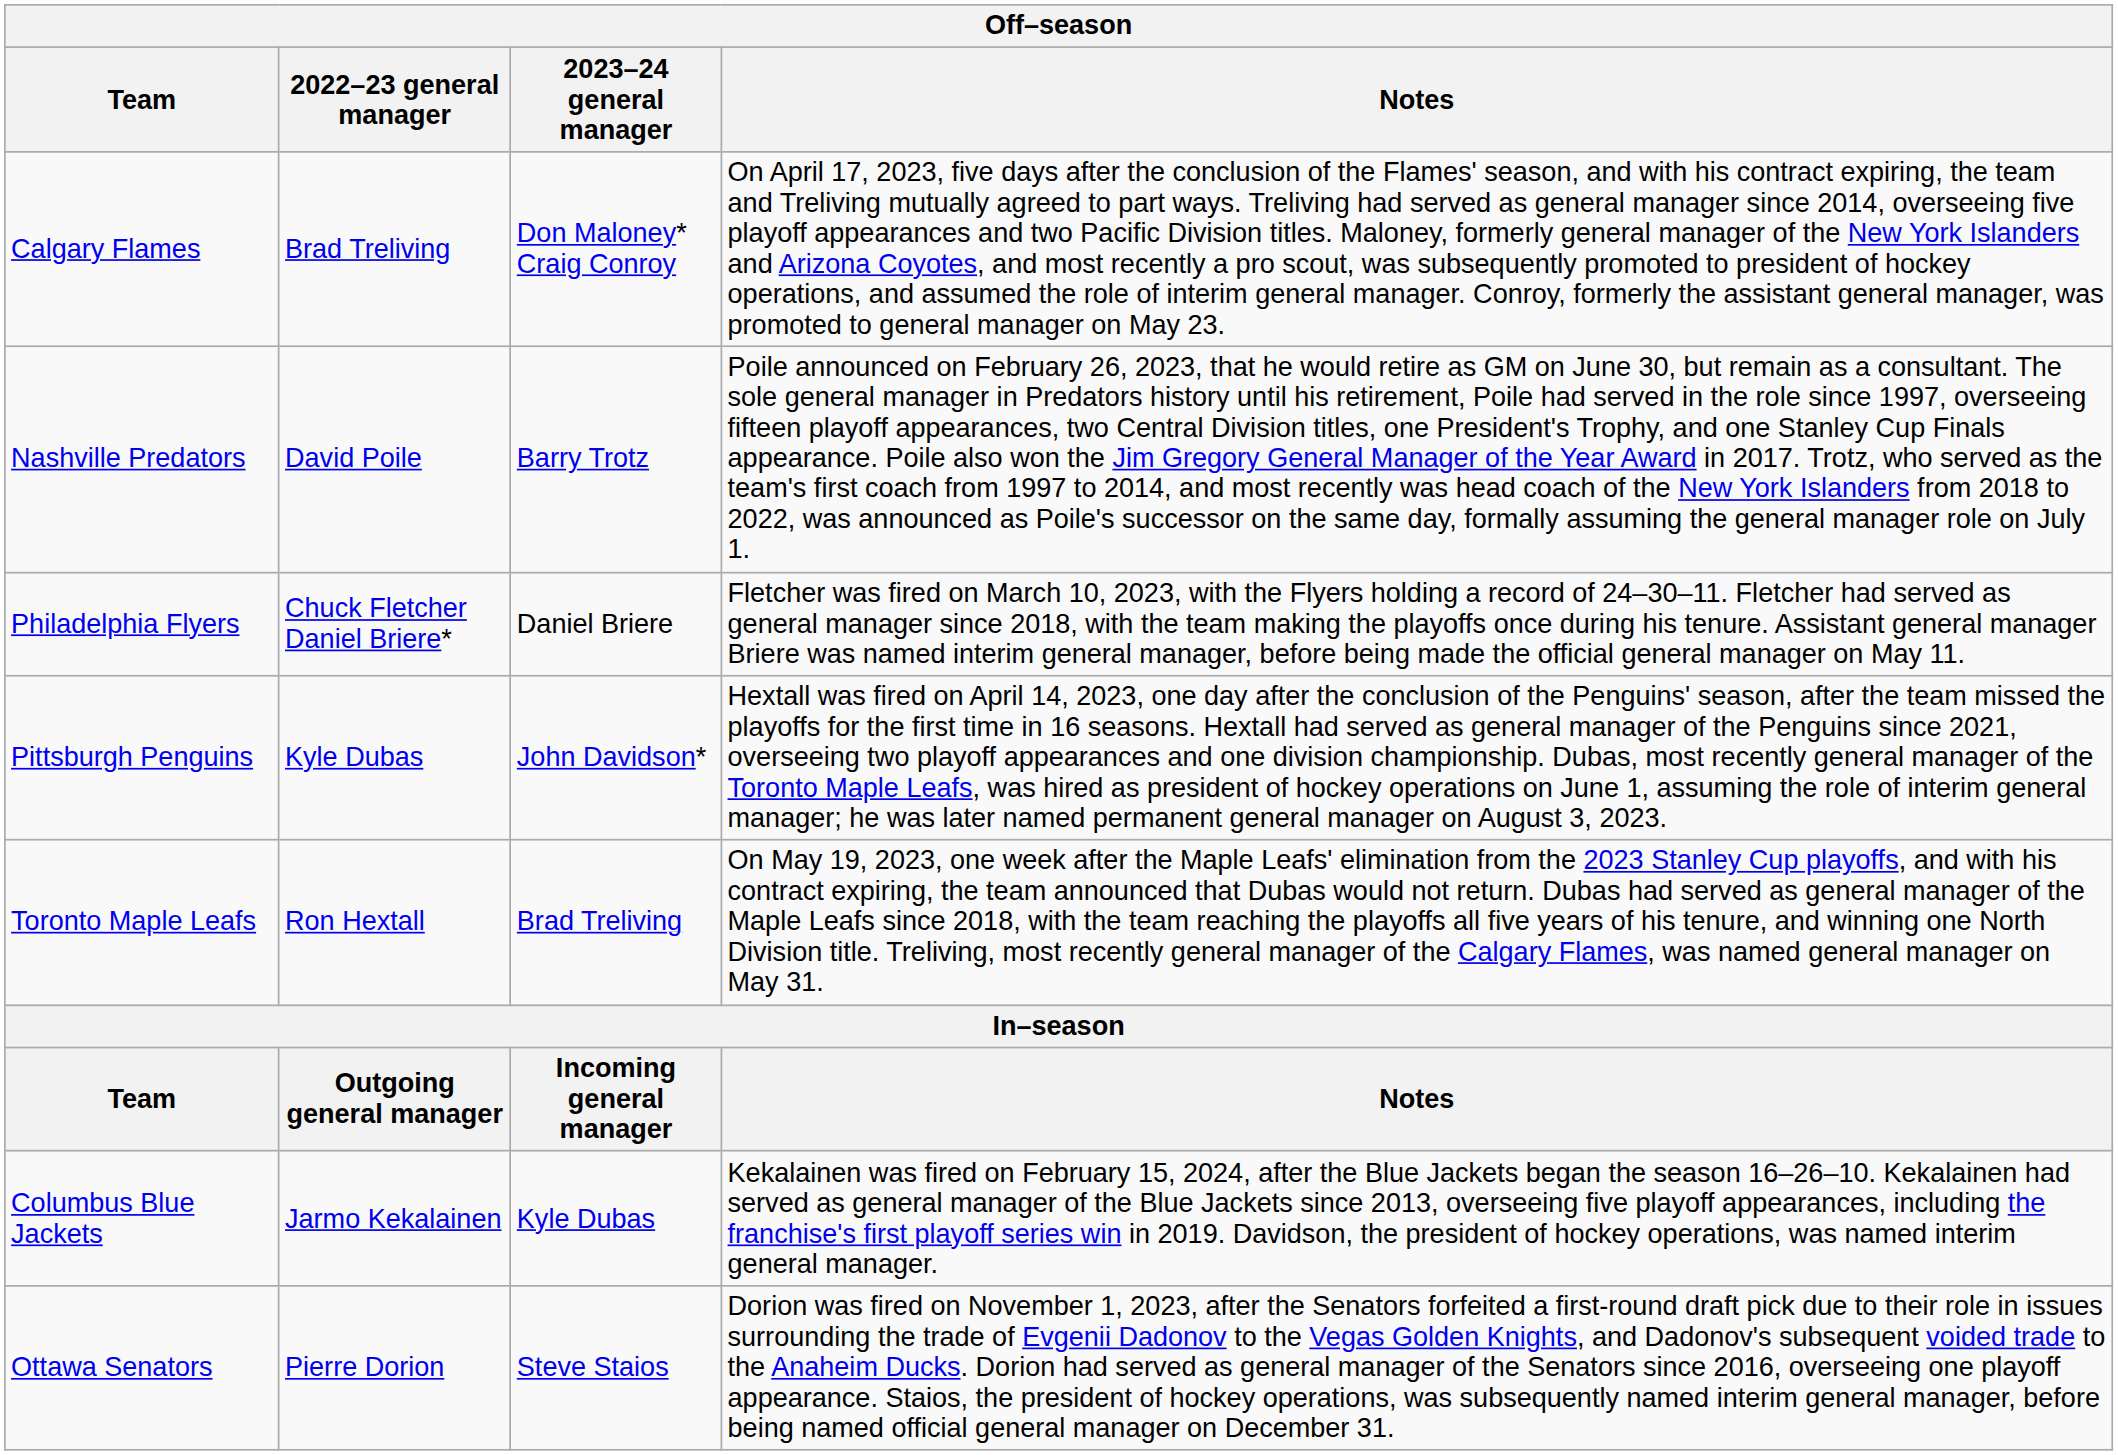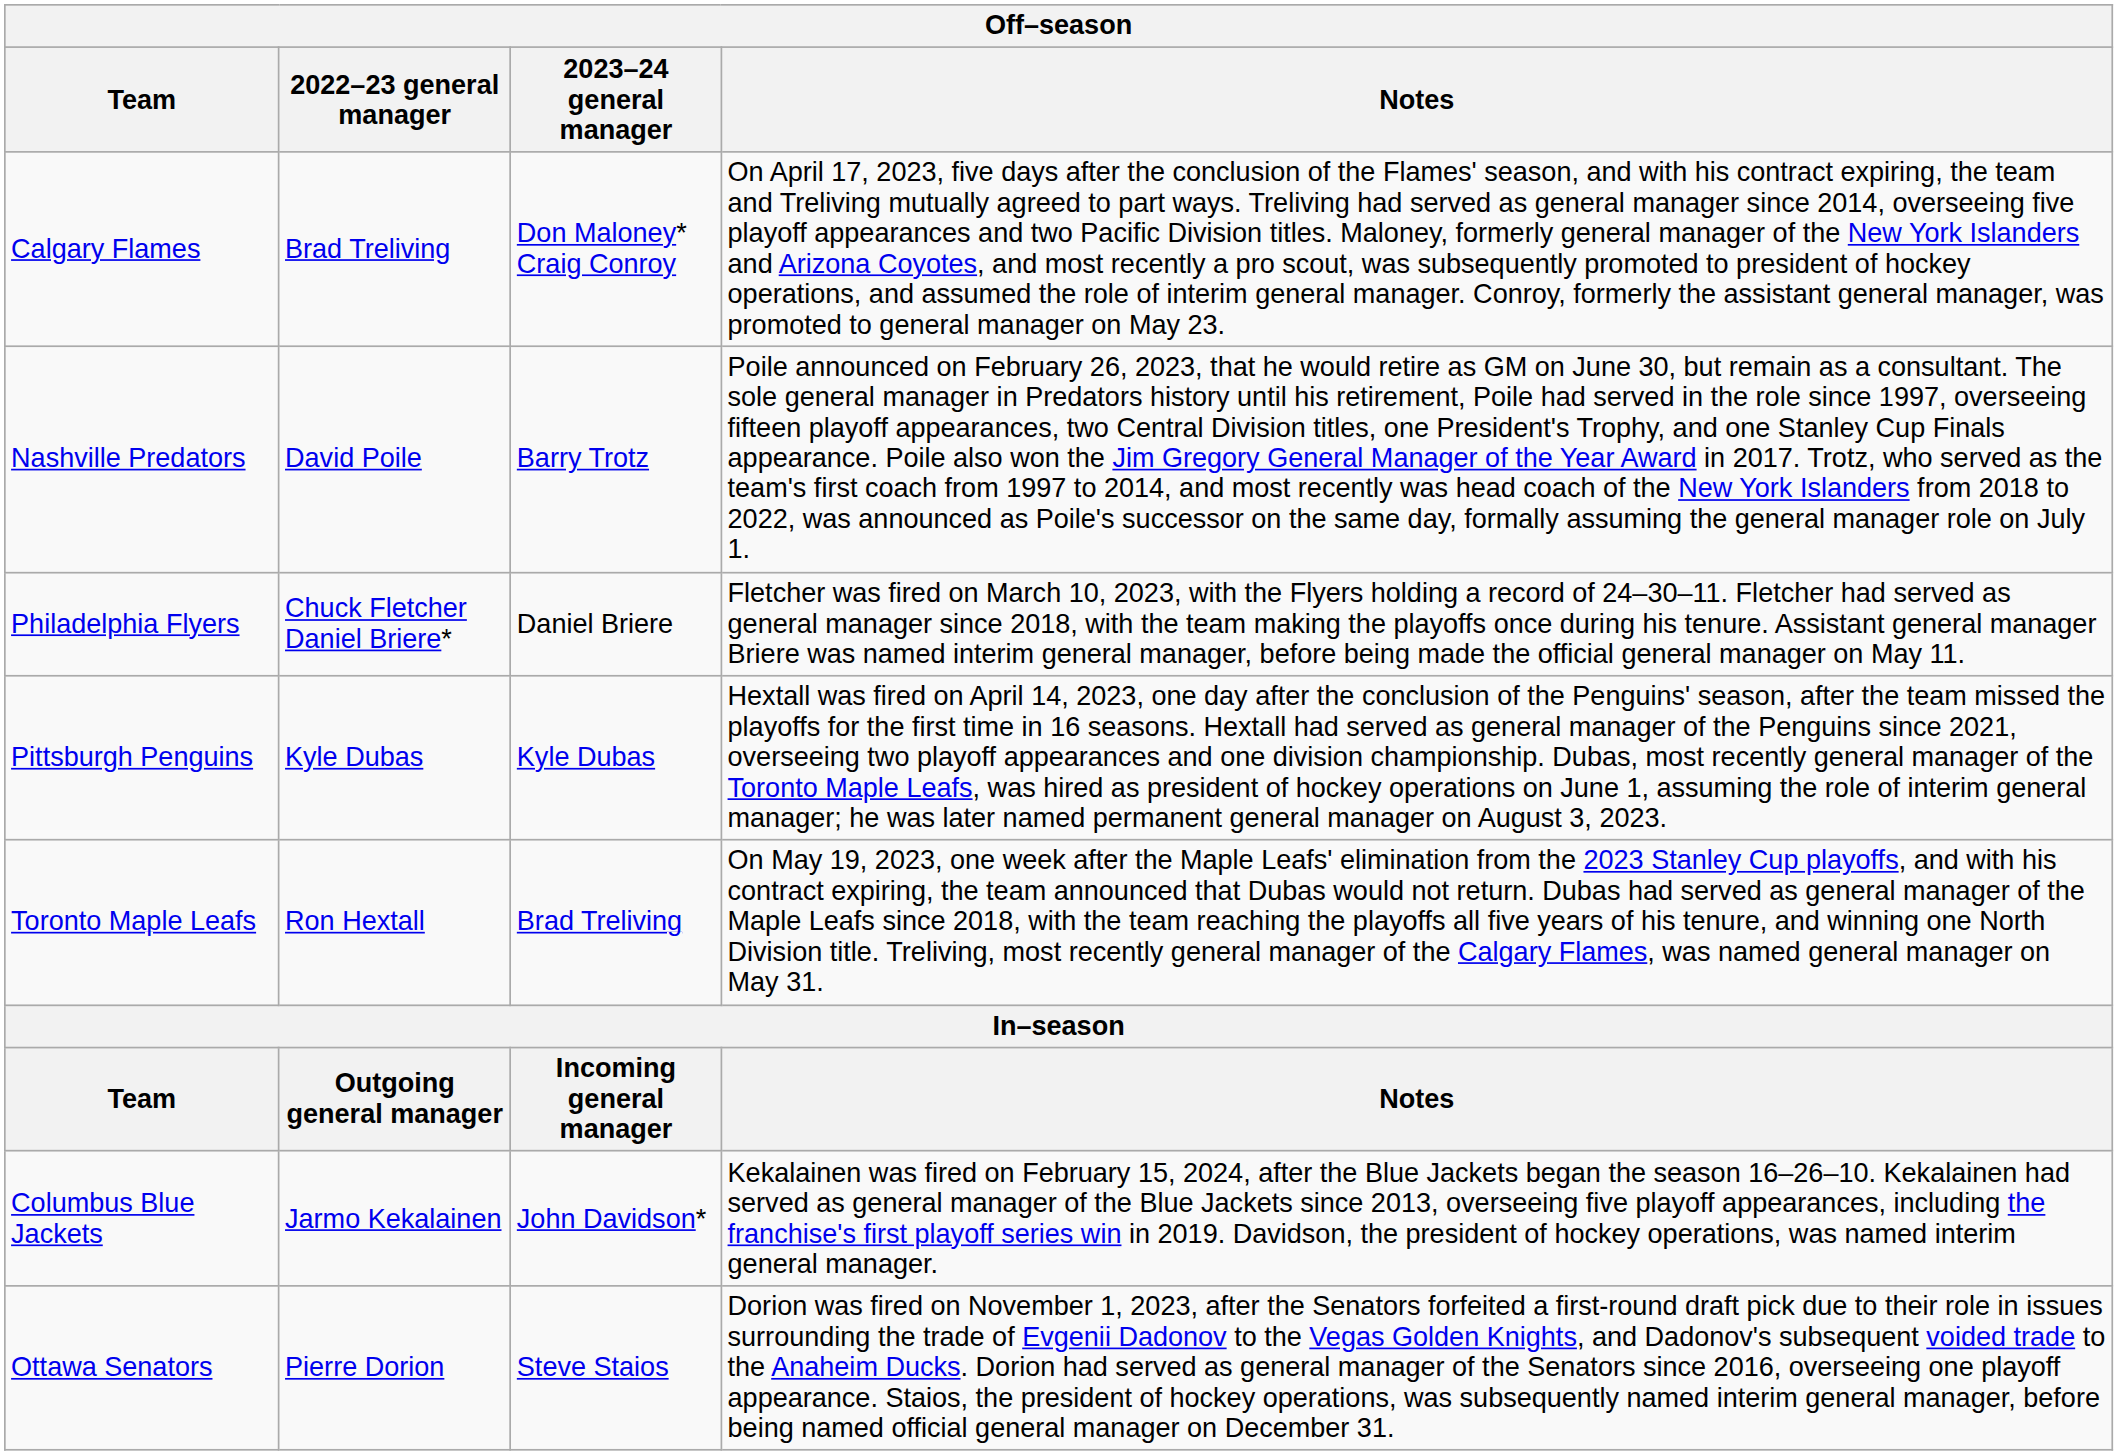 <table class="wikitable">
 <tr>
 <th colspan="4">Off–season</th>
 </tr>
 <tr>
 <th style="width:13%;">Team</th>
 <th style="width:11%;">2022–23 general manager</th>
 <th style="width:10%;">2023–24 general manager</th>
 <th>Notes</th>
 </tr>
 <tr>
 <td><a href='#'>Calgary Flames</a></td>
 <td><a href='#'>Brad Treliving</a></td>
 <td><a href='#'>Don Maloney</a>*<br><a href='#'>Craig Conroy</a></td>
 <td>On April 17, 2023, five days after the conclusion of the Flames' season, and with his contract expiring, the team and Treliving mutually agreed to part ways. Treliving had served as general manager since 2014, overseeing five playoff appearances and two Pacific Division titles. Maloney, formerly general manager of the <a href='#'>New York Islanders</a> and <a href='#'>Arizona Coyotes</a>, and most recently a pro scout, was subsequently promoted to president of hockey operations, and assumed the role of interim general manager. Conroy, formerly the assistant general manager, was promoted to general manager on May 23.</td>
 </tr>
 <tr>
 <td><a href='#'>Nashville Predators</a></td>
 <td><a href='#'>David Poile</a></td>
 <td><a href='#'>Barry Trotz</a></td>
 <td>Poile announced on February 26, 2023, that he would retire as GM on June 30, but remain as a consultant. The sole general manager in Predators history until his retirement, Poile had served in the role since 1997, overseeing fifteen playoff appearances, two Central Division titles, one President's Trophy, and one Stanley Cup Finals appearance. Poile also won the <a href='#'>Jim Gregory General Manager of the Year Award</a> in 2017. Trotz, who served as the team's first coach from 1997 to 2014, and most recently was head coach of the <a href='#'>New York Islanders</a> from 2018 to 2022, was announced as Poile's successor on the same day, formally assuming the general manager role on July 1.</td>
 </tr>
 <tr>
 <td><a href='#'>Philadelphia Flyers</a></td>
 <td><a href='#'>Chuck Fletcher</a><br><a href='#'>Daniel Briere</a>*</td>
 <td>Daniel Briere</td>
 <td>Fletcher was fired on March 10, 2023, with the Flyers holding a record of 24–30–11. Fletcher had served as general manager since 2018, with the team making the playoffs once during his tenure. Assistant general manager Briere was named interim general manager, before being made the official general manager on May 11.</td>
 </tr>
 <tr>
 <td><a href='#'>Pittsburgh Penguins</a></td>
 <td><a href='#'>Kyle Dubas</a></td>
-<td><a href='#'>John Davidson</a>*</td>
+<td><a href='#'>Kyle Dubas</a></td>
 <td>Hextall was fired on April 14, 2023, one day after the conclusion of the Penguins' season, after the team missed the playoffs for the first time in 16 seasons. Hextall had served as general manager of the Penguins since 2021, overseeing two playoff appearances and one division championship. Dubas, most recently general manager of the <a href='#'>Toronto Maple Leafs</a>, was hired as president of hockey operations on June 1, assuming the role of interim general manager; he was later named permanent general manager on August 3, 2023.</td>
 </tr>
 <tr>
 <td><a href='#'>Toronto Maple Leafs</a></td>
 <td><a href='#'>Ron Hextall</a></td>
 <td><a href='#'>Brad Treliving</a></td>
 <td>On May 19, 2023, one week after the Maple Leafs' elimination from the <a href='#'>2023 Stanley Cup playoffs</a>, and with his contract expiring, the team announced that Dubas would not return. Dubas had served as general manager of the Maple Leafs since 2018, with the team reaching the playoffs all five years of his tenure, and winning one North Division title. Treliving, most recently general manager of the <a href='#'>Calgary Flames</a>, was named general manager on May 31.</td>
 </tr>
 <tr>
 <th colspan="4">In–season</th>
 </tr>
 <tr>
 <th style="width:13%;">Team</th>
 <th style="width:11%;">Outgoing general manager</th>
 <th style="width:10%;">Incoming general manager</th>
 <th>Notes</th>
 </tr>
 <tr>
 <td><a href='#'>Columbus Blue Jackets</a></td>
 <td><a href='#'>Jarmo Kekalainen</a></td>
-<td><a href='#'>Kyle Dubas</a></td>
+<td><a href='#'>John Davidson</a>*</td>
 <td>Kekalainen was fired on February 15, 2024, after the Blue Jackets began the season 16–26–10. Kekalainen had served as general manager of the Blue Jackets since 2013, overseeing five playoff appearances, including <a href='#'>the franchise's first playoff series win</a> in 2019. Davidson, the president of hockey operations, was named interim general manager.</td>
 </tr>
 <tr>
 <td><a href='#'>Ottawa Senators</a></td>
 <td><a href='#'>Pierre Dorion</a></td>
 <td><a href='#'>Steve Staios</a></td>
 <td>Dorion was fired on November 1, 2023, after the Senators forfeited a first-round draft pick due to their role in issues surrounding the trade of <a href='#'>Evgenii Dadonov</a> to the <a href='#'>Vegas Golden Knights</a>, and Dadonov's subsequent <a href='#'>voided trade</a> to the <a href='#'>Anaheim Ducks</a>. Dorion had served as general manager of the Senators since 2016, overseeing one playoff appearance. Staios, the president of hockey operations, was subsequently named interim general manager, before being named official general manager on December 31.</td>
 </tr>
 </table>
